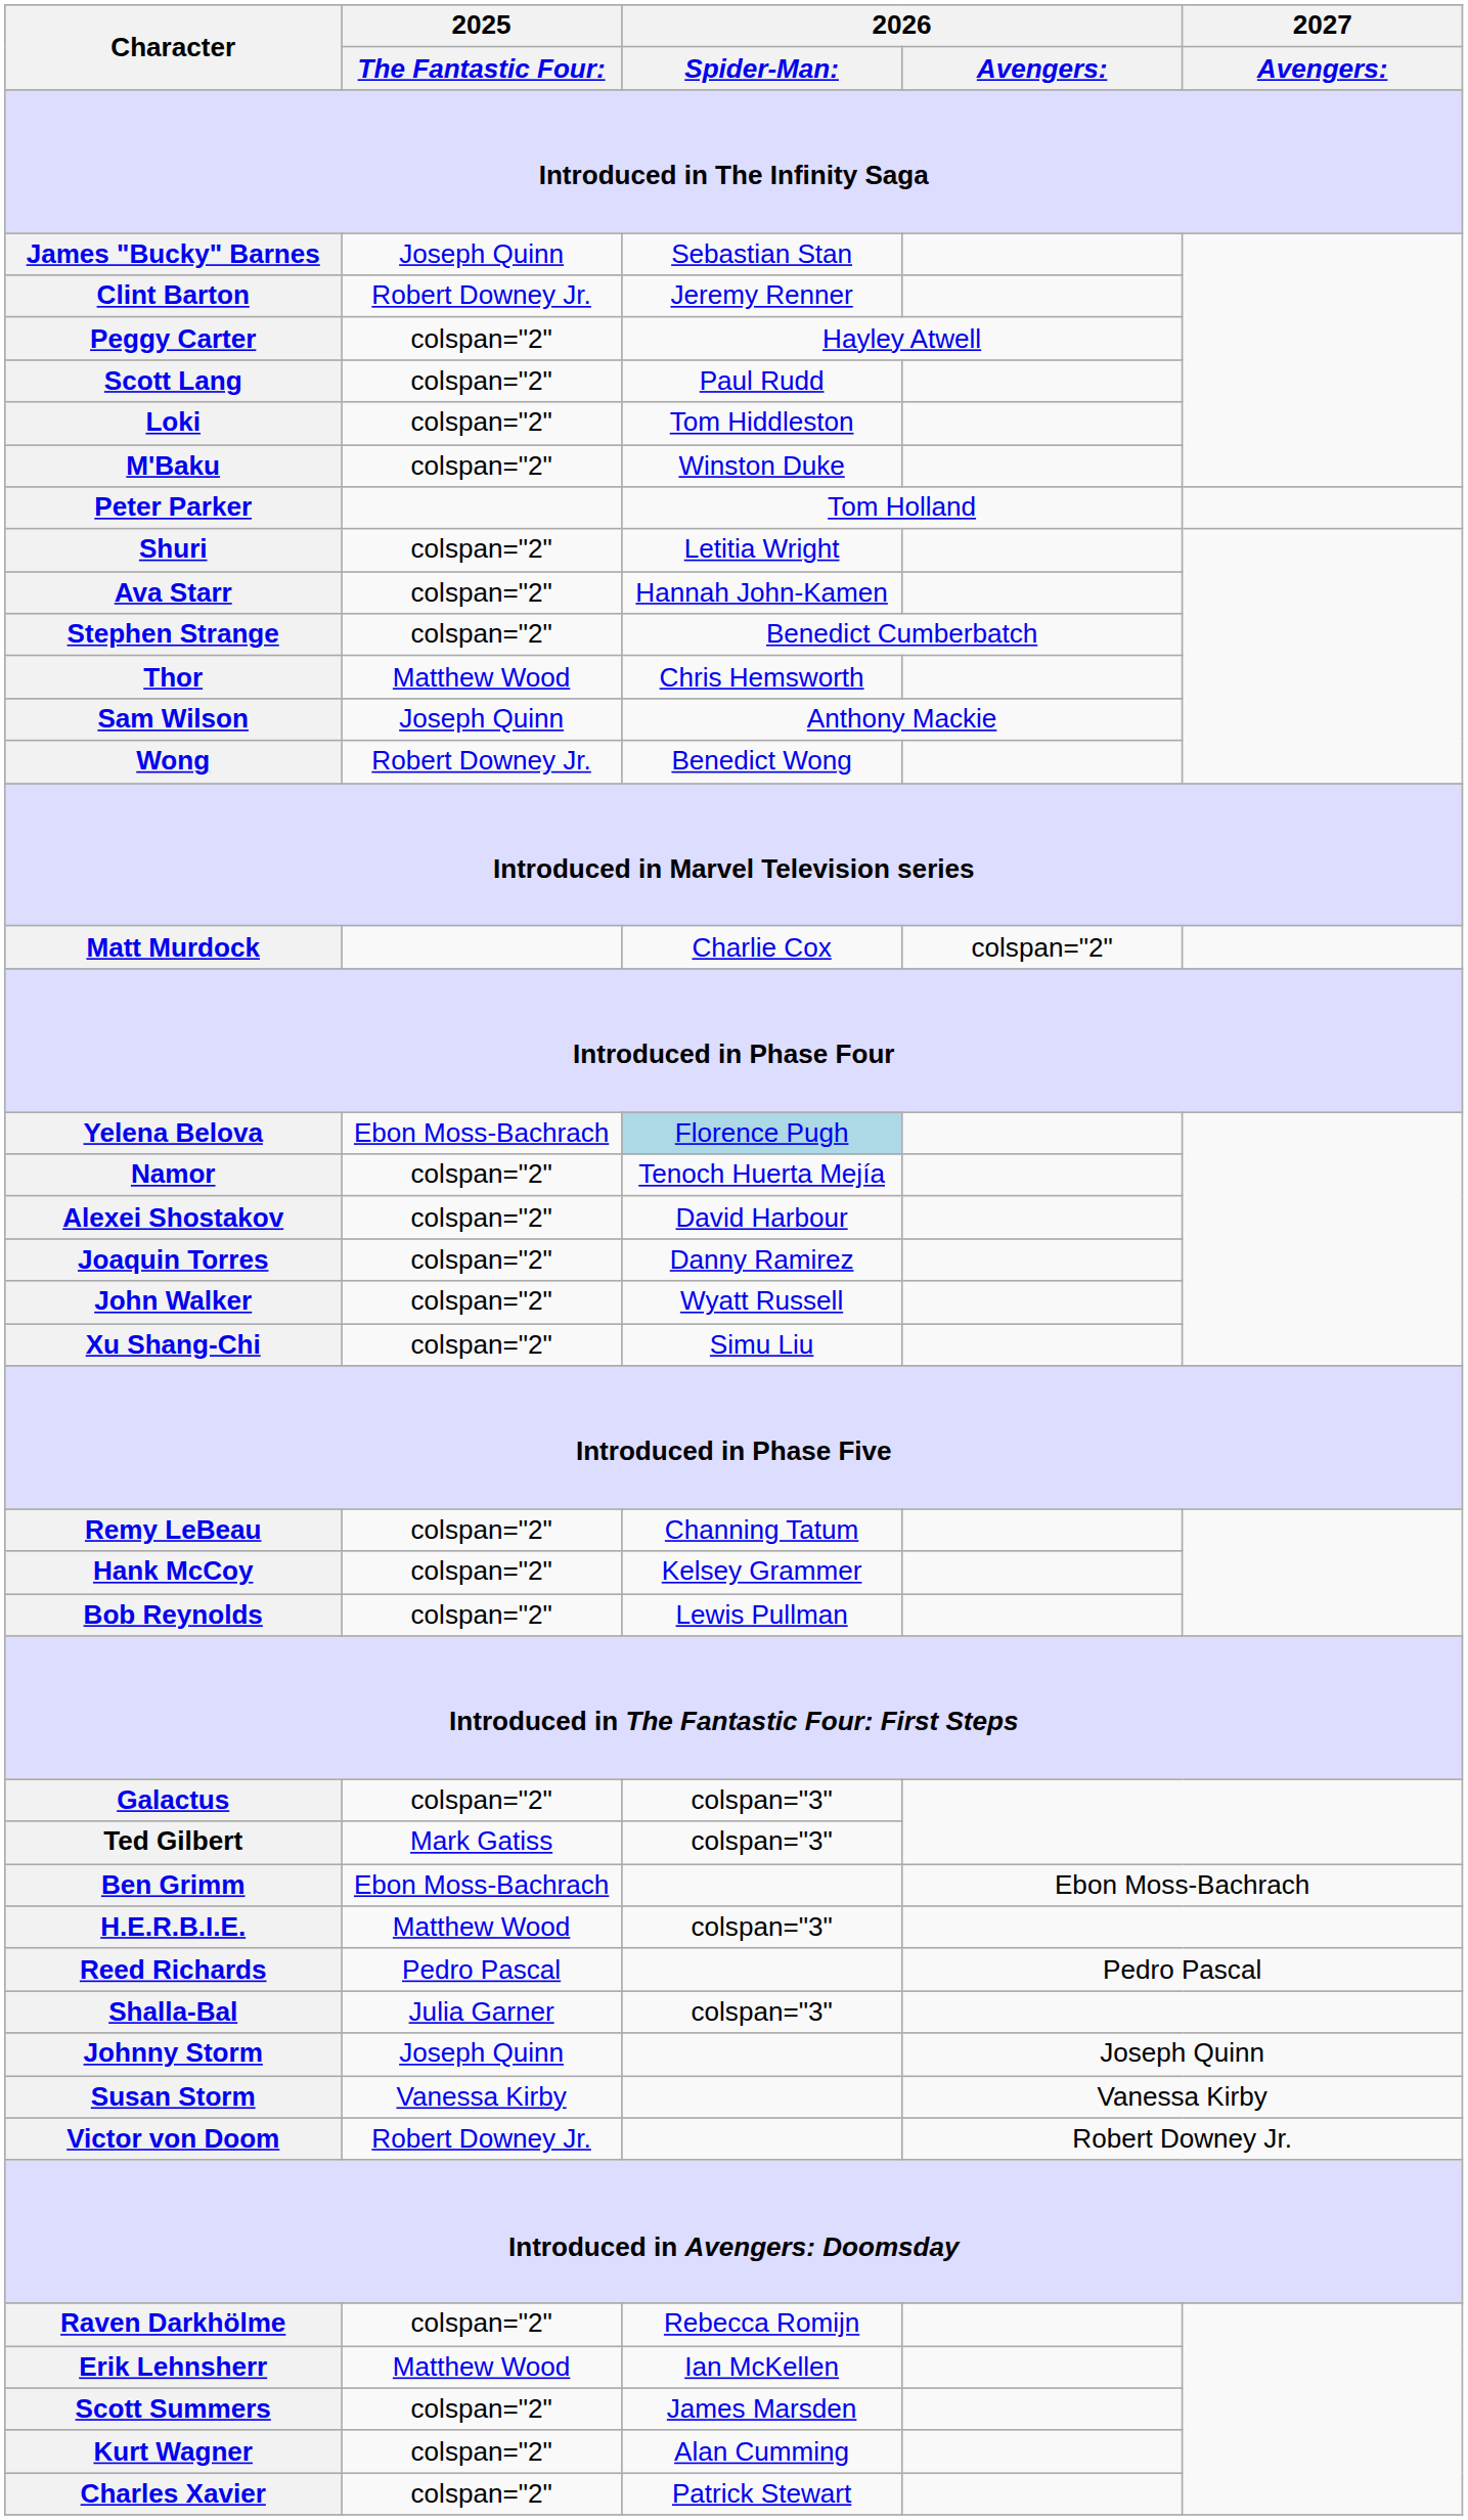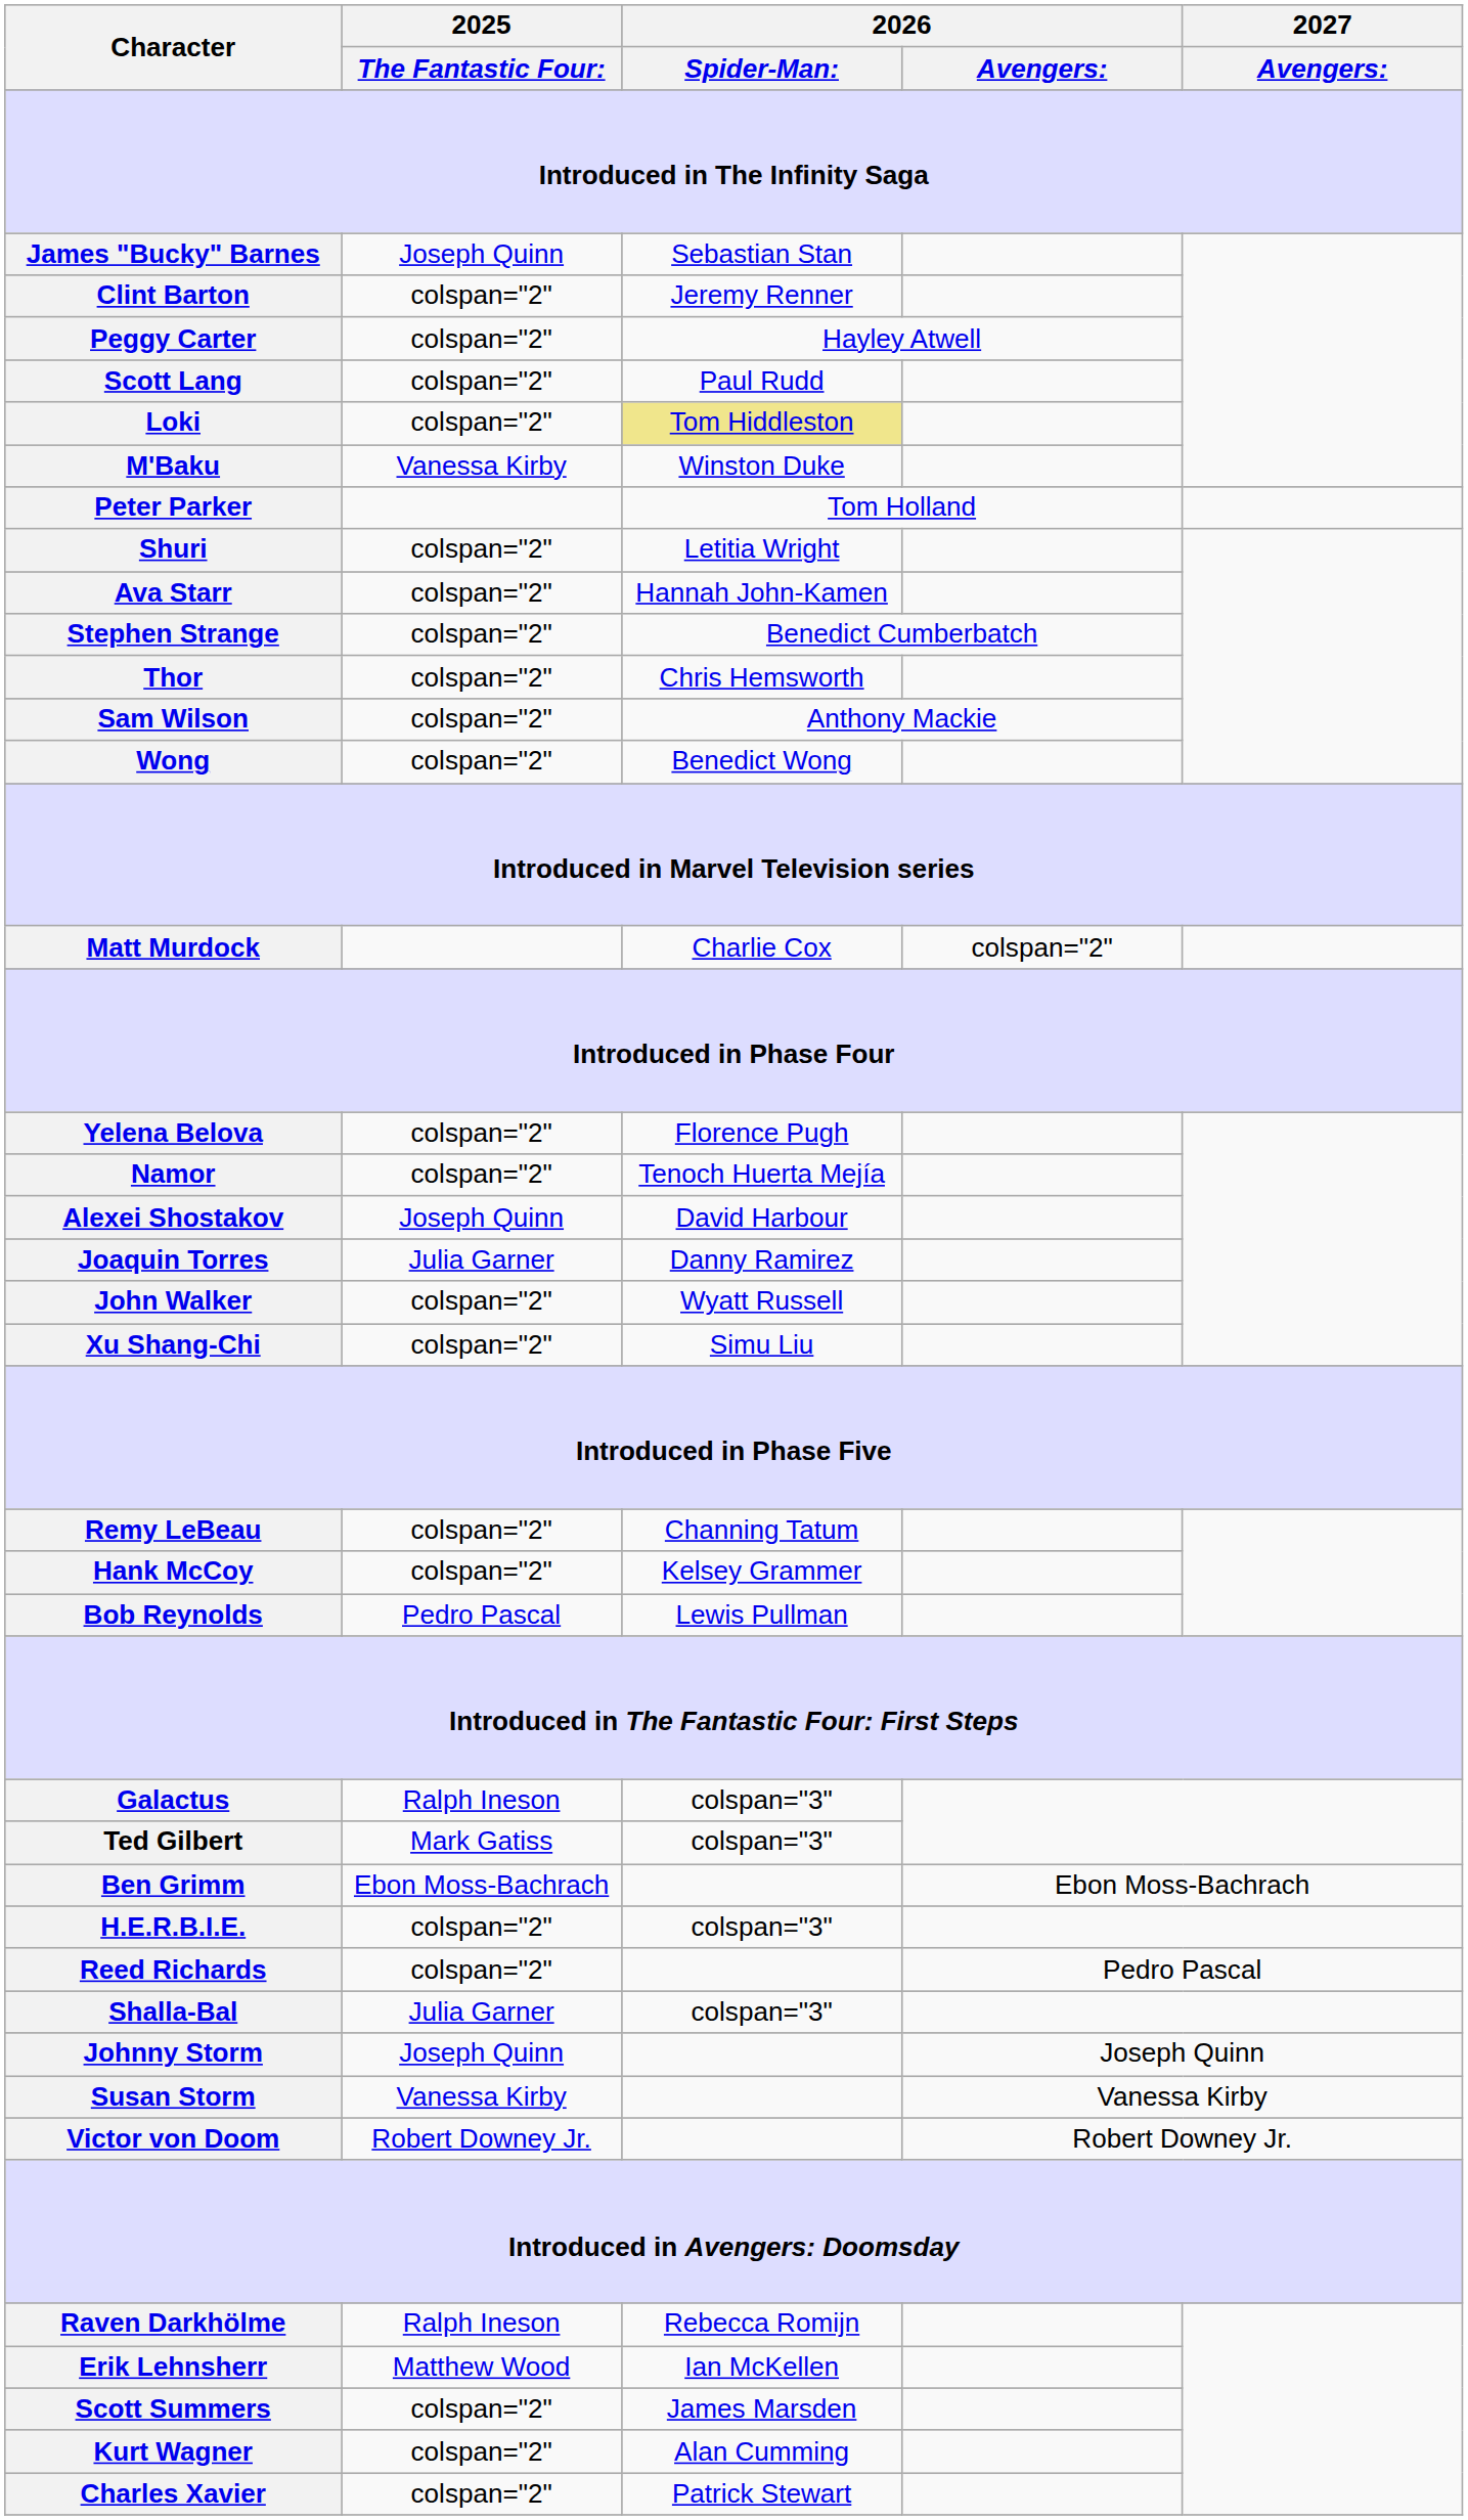 <table class="wikitable" style="text-align:center; width:99%;">
 <tr>
 <th rowspan="2" style="width:15%;">Character</th>
 <th>2025</th>
 <th colspan="2">2026</th>
 <th>2027</th>
 </tr>
 <tr>
 <th style="width:12.5%;"><em><a href='#'>The Fantastic Four:<br></a></em></th>
 <th style="width:12.5%;"><em><a href='#'>Spider-Man:<br></a></em></th>
 <th style="width:12.5%;"><em><a href='#'>Avengers:<br></a></em></th>
 <th style="width:12.5%;"><em><a href='#'>Avengers:<br></a></em></th>
 </tr>
 <tr>
 <th scope="row" colspan="8" style="background-color:#ddf;"><br><h4>Introduced in The Infinity Saga</h4></th>
 </tr>
 <tr>
 <th scope="row"><a href='#'>James "Bucky" Barnes<br></a></th>
 <td><a href='#'>Joseph Quinn</a></td>
 <td><a href='#'>Sebastian Stan</a></td>
 <td></td>
 </tr>
 <tr>
 <th scope="row"><a href='#'>Clint Barton<br></a></th>
-<td><a href='#'>Robert Downey Jr.</a></td>
+<td>colspan="2" </td>
 <td><a href='#'>Jeremy Renner</a></td>
 <td></td>
 </tr>
 <tr>
 <th scope="row"><a href='#'>Peggy Carter</a> </th>
 <td>colspan="2" </td>
 <td colspan="2"><a href='#'>Hayley Atwell</a></td>
 </tr>
 <tr>
 <th scope="row"><a href='#'>Scott Lang<br></a></th>
 <td>colspan="2" </td>
 <td><a href='#'>Paul Rudd</a></td>
 <td></td>
 </tr>
 <tr>
 <th scope="row"><a href='#'>Loki</a></th>
 <td>colspan="2" </td>
-<td><a href='#'>Tom Hiddleston</a></td>
+<td style="background: khaki;"><a href='#'>Tom Hiddleston</a></td>
 <td></td>
 </tr>
 <tr>
 <th scope="row"><a href='#'>M'Baku</a></th>
-<td>colspan="2" </td>
+<td><a href='#'>Vanessa Kirby</a></td>
 <td><a href='#'>Winston Duke</a></td>
 <td></td>
 </tr>
 <tr>
 <th scope="row"><a href='#'>Peter Parker<br></a> </th>
 <td></td>
 <td colspan="2"><a href='#'>Tom Holland</a></td>
 <td></td>
 </tr>
 <tr>
 <th scope="row"><a href='#'>Shuri<br></a></th>
 <td>colspan="2" </td>
 <td><a href='#'>Letitia Wright</a></td>
 <td></td>
 </tr>
 <tr>
 <th scope="row"><a href='#'>Ava Starr<br></a></th>
 <td>colspan="2" </td>
 <td><a href='#'>Hannah John-Kamen</a></td>
 <td></td>
 </tr>
 <tr>
 <th scope="row"><a href='#'>Stephen Strange</a></th>
 <td>colspan="2" </td>
 <td colspan="2"><a href='#'>Benedict Cumberbatch</a></td>
 </tr>
 <tr>
 <th scope="row"><a href='#'>Thor</a></th>
-<td><a href='#'>Matthew Wood</a></td>
+<td>colspan="2" </td>
 <td><a href='#'>Chris Hemsworth</a></td>
 <td></td>
 </tr>
 <tr>
 <th scope="row"><a href='#'>Sam Wilson<br></a></th>
-<td><a href='#'>Joseph Quinn</a></td>
+<td>colspan="2" </td>
 <td colspan="2"><a href='#'>Anthony Mackie</a></td>
 </tr>
 <tr>
 <th scope="row"><a href='#'>Wong</a></th>
-<td><a href='#'>Robert Downey Jr.</a></td>
+<td>colspan="2" </td>
 <td><a href='#'>Benedict Wong</a></td>
 <td></td>
 </tr>
 <tr>
 <th scope="row" colspan="6" style="background-color:#ddf;"><br><h4>Introduced in Marvel Television series</h4></th>
 </tr>
 <tr>
 <th scope="row"><a href='#'>Matt Murdock<br></a></th>
 <td></td>
 <td><a href='#'>Charlie Cox</a></td>
 <td>colspan="2" </td>
 </tr>
 <tr>
 <th scope="row" colspan="6" style="background-color:#ddf;"><br><h4>Introduced in Phase Four</h4></th>
 </tr>
 <tr>
 <th scope="row"><a href='#'>Yelena Belova</a></th>
-<td><a href='#'>Ebon Moss-Bachrach</a></td>
-<td style="background: lightblue;"><a href='#'>Florence Pugh</a></td>
+<td>colspan="2" </td>
+<td><a href='#'>Florence Pugh</a></td>
 <td></td>
 </tr>
 <tr>
 <th scope="row"><a href='#'>Namor</a></th>
 <td>colspan="2" </td>
 <td><a href='#'>Tenoch Huerta Mejía</a></td>
 <td></td>
 </tr>
 <tr>
 <th scope="row"><a href='#'>Alexei Shostakov<br></a></th>
-<td>colspan="2" </td>
+<td><a href='#'>Joseph Quinn</a></td>
 <td><a href='#'>David Harbour</a></td>
 <td></td>
 </tr>
 <tr>
 <th scope="row"><a href='#'>Joaquin Torres<br></a></th>
-<td>colspan="2" </td>
+<td><a href='#'>Julia Garner</a></td>
 <td><a href='#'>Danny Ramirez</a></td>
 <td></td>
 </tr>
 <tr>
 <th scope="row"><a href='#'>John Walker<br></a></th>
 <td>colspan="2" </td>
 <td><a href='#'>Wyatt Russell</a></td>
 <td></td>
 </tr>
 <tr>
 <th scope="row"><a href='#'>Xu Shang-Chi</a></th>
 <td>colspan="2" </td>
 <td><a href='#'>Simu Liu</a></td>
 <td></td>
 </tr>
 <tr>
 <th scope="row" colspan="6" style="background-color:#ddf;"><br><h4>Introduced in Phase Five</h4></th>
 </tr>
 <tr>
 <th scope="row"><a href='#'>Remy LeBeau<br></a></th>
 <td>colspan="2" </td>
 <td><a href='#'>Channing Tatum</a></td>
 <td></td>
 </tr>
 <tr>
 <th scope="row"><a href='#'>Hank McCoy<br></a></th>
 <td>colspan="2" </td>
 <td><a href='#'>Kelsey Grammer</a></td>
 <td></td>
 </tr>
 <tr>
 <th scope="row"><a href='#'>Bob Reynolds<br></a></th>
-<td>colspan="2" </td>
+<td><a href='#'>Pedro Pascal</a></td>
 <td><a href='#'>Lewis Pullman</a></td>
 <td></td>
 </tr>
 <tr>
 <th scope="row" colspan="6" style="background-color:#ddf;"><br><h4>Introduced in <em>The Fantastic Four: First Steps</em></h4></th>
 </tr>
 <tr>
 <th scope="row"><a href='#'>Galactus</a></th>
-<td>colspan="2" </td>
+<td><a href='#'>Ralph Ineson</a></td>
 <td>colspan="3" </td>
 </tr>
 <tr>
 <th scope="row">Ted Gilbert</th>
 <td><a href='#'>Mark Gatiss</a></td>
 <td>colspan="3" </td>
 </tr>
 <tr>
 <th scope="row"><a href='#'>Ben Grimm<br></a></th>
 <td><a href='#'>Ebon Moss-Bachrach</a></td>
 <td></td>
 <td colspan="2">Ebon Moss-Bachrach</td>
 </tr>
 <tr>
 <th scope="row"><a href='#'>H.E.R.B.I.E.</a></th>
-<td><a href='#'>Matthew Wood</a></td>
+<td>colspan="2" </td>
 <td>colspan="3" </td>
 </tr>
 <tr>
 <th scope="row"><a href='#'>Reed Richards<br></a></th>
-<td><a href='#'>Pedro Pascal</a></td>
+<td>colspan="2" </td>
 <td></td>
 <td colspan="2">Pedro Pascal</td>
 </tr>
 <tr>
 <th scope="row"><a href='#'>Shalla-Bal<br></a></th>
 <td><a href='#'>Julia Garner</a></td>
 <td>colspan="3" </td>
 </tr>
 <tr>
 <th scope="row"><a href='#'>Johnny Storm<br></a></th>
 <td><a href='#'>Joseph Quinn</a></td>
 <td></td>
 <td colspan="2">Joseph Quinn</td>
 </tr>
 <tr>
 <th scope="row"><a href='#'>Susan Storm<br></a></th>
 <td><a href='#'>Vanessa Kirby</a></td>
 <td></td>
 <td colspan="2">Vanessa Kirby</td>
 </tr>
 <tr>
 <th scope="row"><a href='#'>Victor von Doom<br></a></th>
 <td><a href='#'>Robert Downey Jr.</a></td>
 <td></td>
 <td colspan="2">Robert Downey Jr.</td>
 </tr>
 <tr>
 <th scope="row" colspan="6" style="background-color:#ddf;"><br><h4>Introduced in <em>Avengers: Doomsday</em></h4></th>
 </tr>
 <tr>
 <th scope="row"><a href='#'>Raven Darkhölme<br></a></th>
-<td>colspan="2" </td>
+<td><a href='#'>Ralph Ineson</a></td>
 <td><a href='#'>Rebecca Romijn</a></td>
 <td></td>
 </tr>
 <tr>
 <th scope="row"><a href='#'>Erik Lehnsherr<br></a></th>
 <td><a href='#'>Matthew Wood</a></td>
 <td><a href='#'>Ian McKellen</a></td>
 <td></td>
 </tr>
 <tr>
 <th scope="row"><a href='#'>Scott Summers<br></a></th>
 <td>colspan="2" </td>
 <td><a href='#'>James Marsden</a></td>
 <td></td>
 </tr>
 <tr>
 <th scope="row"><a href='#'>Kurt Wagner<br></a></th>
 <td>colspan="2" </td>
 <td><a href='#'>Alan Cumming</a></td>
 <td></td>
 </tr>
 <tr>
 <th scope="row"><a href='#'>Charles Xavier<br></a></th>
 <td>colspan="2" </td>
 <td><a href='#'>Patrick Stewart</a></td>
 <td></td>
 </tr>
 </table>
